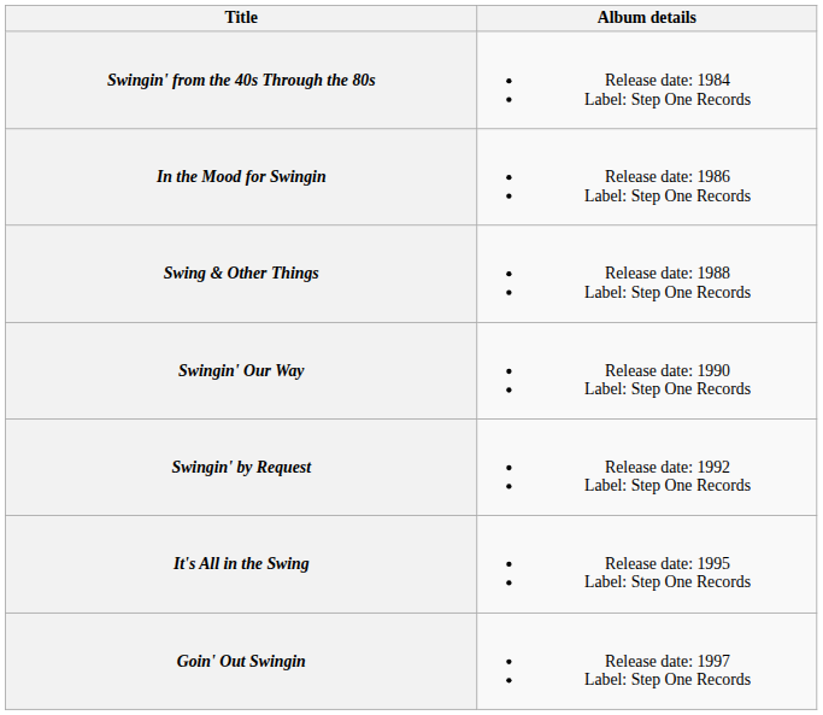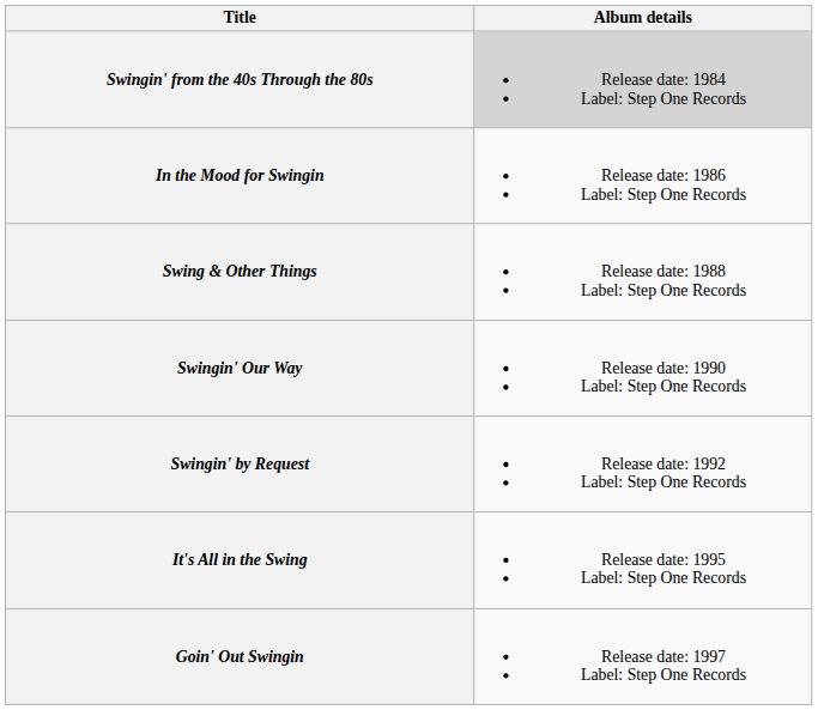 <table class="wikitable plainrowheaders" style="text-align:center;">
 <tr>
 <th style="width:28em;">Title</th>
 <th style="width:20em;">Album details</th>
 </tr>
 <tr>
 <th scope="row"><em>Swingin' from the 40s Through the 80s</em></th>
-<td><br><ul><li>Release date: 1984</li><li>Label: Step One Records</li></ul></td>
+<td style="background: lightgrey;"><br><ul><li>Release date: 1984</li><li>Label: Step One Records</li></ul></td>
 </tr>
 <tr>
 <th scope="row"><em>In the Mood for Swingin</em></th>
 <td><br><ul><li>Release date: 1986</li><li>Label: Step One Records</li></ul></td>
 </tr>
 <tr>
 <th scope="row"><em>Swing & Other Things</em></th>
 <td><br><ul><li>Release date: 1988</li><li>Label: Step One Records</li></ul></td>
 </tr>
 <tr>
 <th scope="row"><em>Swingin' Our Way</em></th>
 <td><br><ul><li>Release date: 1990</li><li>Label: Step One Records</li></ul></td>
 </tr>
 <tr>
 <th scope="row"><em>Swingin' by Request</em></th>
 <td><br><ul><li>Release date: 1992</li><li>Label: Step One Records</li></ul></td>
 </tr>
 <tr>
 <th scope="row"><em>It's All in the Swing</em></th>
 <td><br><ul><li>Release date: 1995</li><li>Label: Step One Records</li></ul></td>
 </tr>
 <tr>
 <th scope="row"><em>Goin' Out Swingin</em></th>
 <td><br><ul><li>Release date: 1997</li><li>Label: Step One Records</li></ul></td>
 </tr>
 </table>
